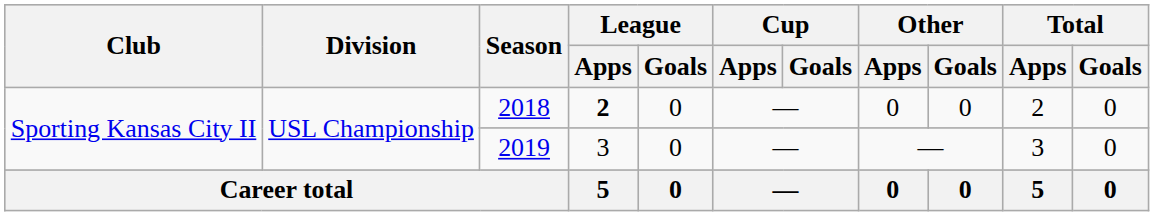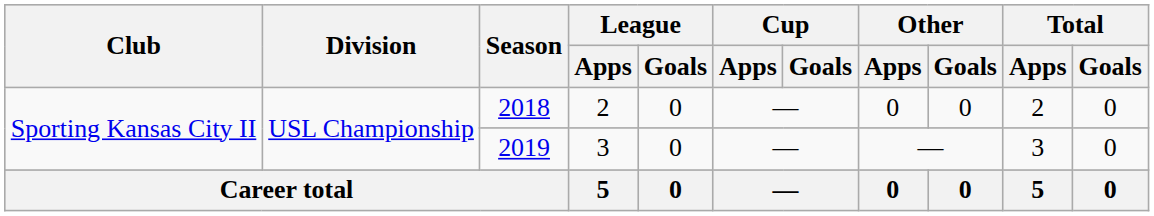 <table class="wikitable" style="text-align: center;">
 <tr>
 <th rowspan="2">Club</th>
 <th rowspan="2">Division</th>
 <th rowspan="2">Season</th>
 <th colspan="2">League</th>
 <th colspan="2">Cup</th>
 <th colspan="2">Other</th>
 <th colspan="2">Total</th>
 </tr>
 <tr>
 <th>Apps</th>
 <th>Goals</th>
 <th>Apps</th>
 <th>Goals</th>
 <th>Apps</th>
 <th>Goals</th>
 <th>Apps</th>
 <th>Goals</th>
 </tr>
 <tr>
 <td rowspan="2"><a href='#'>Sporting Kansas City II</a></td>
 <td rowspan="2"><a href='#'>USL Championship</a></td>
 <td><a href='#'>2018</a></td>
-<td><strong>2</strong></td>
+<td>2</td>
 <td>0</td>
 <td colspan=2>—</td>
 <td>0</td>
 <td>0</td>
 <td>2</td>
 <td>0</td>
 </tr>
 <tr>
 <td><a href='#'>2019</a></td>
 <td>3</td>
 <td>0</td>
 <td colspan=2>—</td>
 <td colspan=2>—</td>
 <td>3</td>
 <td>0</td>
 </tr>
 <tr>
 <th colspan=3>Career total</th>
 <th>5</th>
 <th>0</th>
 <th colspan=2>—</th>
 <th>0</th>
 <th>0</th>
 <th>5</th>
 <th>0</th>
 </tr>
 </table>
